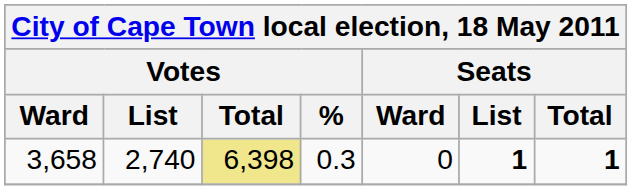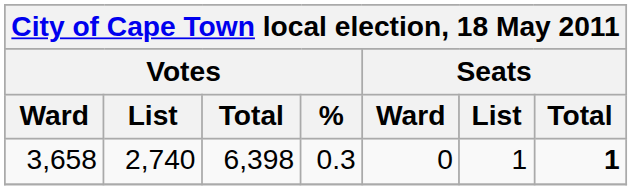 <table class=wikitable style="text-align:right">
 <tr>
 <th colspan="9" align="center"><a href='#'>City of Cape Town</a> local election, 18 May 2011</th>
 </tr>
 <tr>
 <th colspan="4">Votes</th>
 <th colspan="3" align="center">Seats</th>
 </tr>
 <tr>
 <th>Ward</th>
 <th>List</th>
 <th>Total</th>
 <th>%</th>
 <th>Ward</th>
 <th>List</th>
 <th>Total</th>
 </tr>
 <tr>
 <td>3,658</td>
 <td>2,740</td>
-<td style="background: khaki;">6,398</td>
+<td>6,398</td>
 <td>0.3</td>
 <td>0</td>
-<td><strong>1</strong></td>
+<td>1</td>
 <td><strong>1</strong></td>
 </tr>
 <tr>
 </tr>
 </table>
